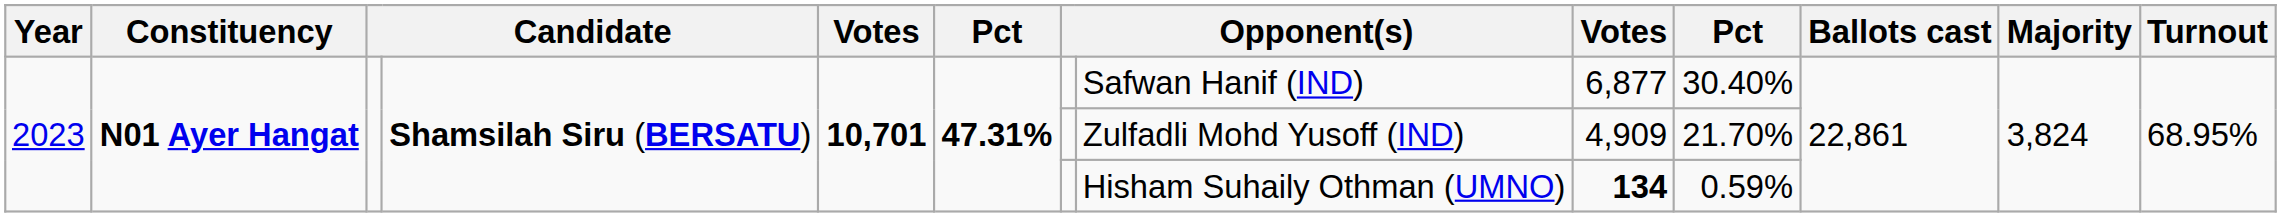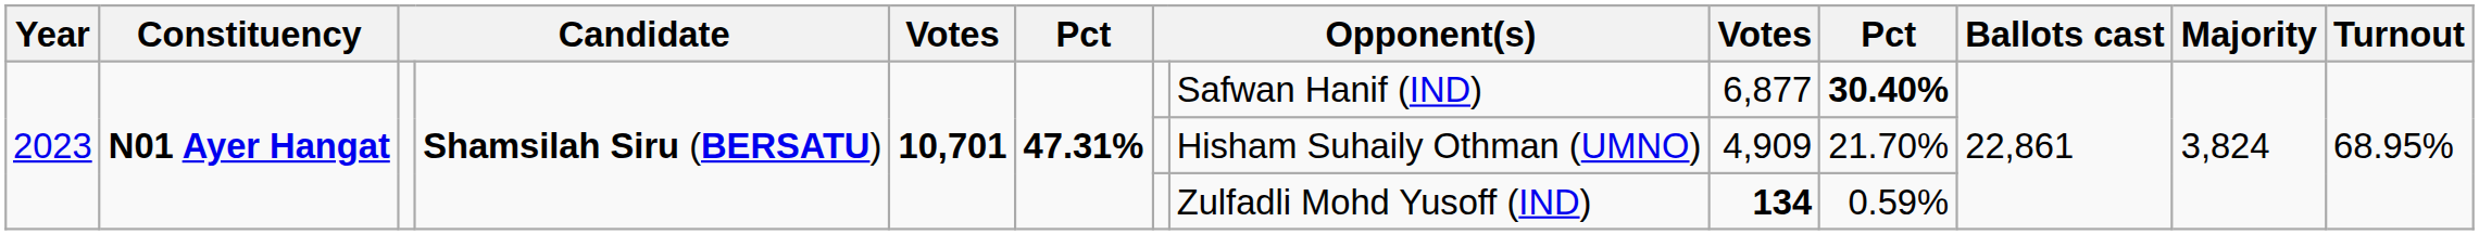 <table class="wikitable" style="margin:0.5em ; font-size:95%">
 <tr>
 <th>Year</th>
 <th>Constituency</th>
 <th colspan=2>Candidate</th>
 <th>Votes</th>
 <th>Pct</th>
 <th colspan=2>Opponent(s)</th>
 <th>Votes</th>
 <th>Pct</th>
 <th>Ballots cast</th>
 <th>Majority</th>
 <th>Turnout</th>
 </tr>
 <tr>
 <td rowspan=3><a href='#'>2023</a></td>
 <td rowspan=3><strong>N01 <a href='#'>Ayer Hangat</a></strong></td>
 <td rowspan=3 bgcolor=></td>
 <td rowspan=3><strong>Shamsilah Siru</strong> (<a href='#'><strong>BERSATU</strong></a>)</td>
 <td rowspan=3 align=right><strong>10,701</strong></td>
 <td rowspan=3><strong>47.31%</strong></td>
 <td></td>
 <td>Safwan Hanif (<a href='#'>IND</a>)</td>
 <td align=right>6,877</td>
-<td>30.40%</td>
+<td><strong>30.40%</strong></td>
 <td rowspan=3>22,861</td>
 <td rowspan=3>3,824</td>
 <td rowspan=3>68.95%</td>
 </tr>
 <tr>
 <td></td>
-<td>Zulfadli Mohd Yusoff (<a href='#'>IND</a>)</td>
+<td>Hisham Suhaily Othman (<a href='#'>UMNO</a>)</td>
 <td align=right>4,909</td>
 <td>21.70%</td>
 </tr>
 <tr>
 <td></td>
-<td>Hisham Suhaily Othman (<a href='#'>UMNO</a>)</td>
+<td>Zulfadli Mohd Yusoff (<a href='#'>IND</a>)</td>
 <td align=right><strong>134</strong></td>
 <td align=right>0.59%</td>
 </tr>
 </table>
